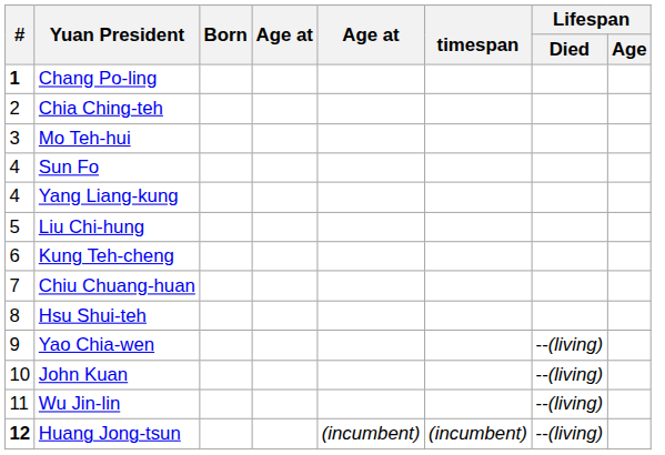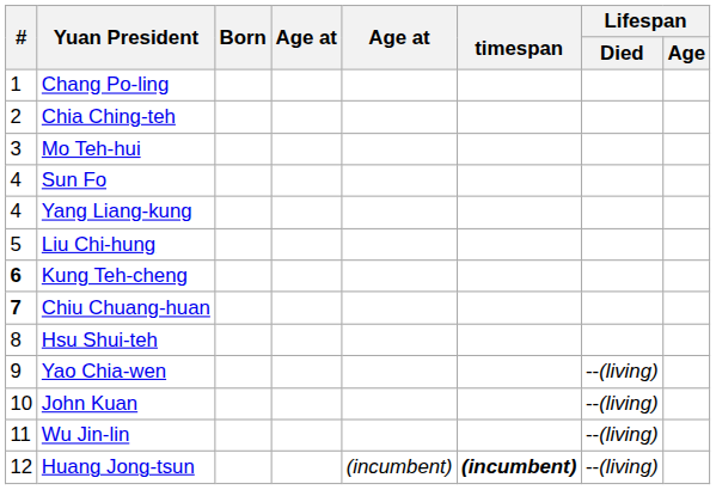 <table class="sortable wikitable">
 <tr>
 <th rowspan=2><abbr>#</abbr></th>
 <th rowspan=2>Yuan President</th>
 <th rowspan=2>Born</th>
 <th rowspan=2>Age at<br></th>
 <th rowspan=2>Age at<br></th>
 <th rowspan=2><br>timespan</th>
 <th colspan=2>Lifespan</th>
 </tr>
 <tr>
 <th>Died</th>
 <th>Age</th>
 </tr>
 <tr style="text-align: left; background:#FFFFFF">
-<td><strong>1</strong></td>
+<td>1</td>
 <td data-sort-value="Chang Po-ling"><a href='#'>Chang Po-ling</a></td>
 <td></td>
 <td><br></td>
 <td><br></td>
 <td></td>
 <td></td>
 <td></td>
 </tr>
 <tr style="text-align: left; background:#FFFFFF">
 <td>2</td>
 <td data-sort-value="Chia"><a href='#'>Chia Ching-teh</a></td>
 <td></td>
 <td><br></td>
 <td><br></td>
 <td></td>
 <td></td>
 <td></td>
 </tr>
 <tr style="text-align: left; background:#FFFFFF">
 <td>3</td>
 <td data-sort-value="Mo"><a href='#'>Mo Teh-hui</a></td>
 <td></td>
 <td><br></td>
 <td><br></td>
 <td></td>
 <td></td>
 <td></td>
 </tr>
 <tr style="text-align: left; background:#FFFFFF">
 <td>4</td>
 <td data-sort-value="Sun Fo"><a href='#'>Sun Fo</a></td>
 <td></td>
 <td><br></td>
 <td><br></td>
 <td></td>
 <td></td>
 <td></td>
 </tr>
 <tr style="text-align: left; background:#FFFFFF">
 <td>4</td>
 <td data-sort-value="Yang"><a href='#'>Yang Liang-kung</a></td>
 <td></td>
 <td><br></td>
 <td><br></td>
 <td></td>
 <td></td>
 <td></td>
 </tr>
 <tr style="text-align: left; background:#FFFFFF">
 <td>5</td>
 <td data-sort-value="Liu"><a href='#'>Liu Chi-hung</a></td>
 <td></td>
 <td><br></td>
 <td><br></td>
 <td></td>
 <td></td>
 <td></td>
 </tr>
 <tr style="text-align: left; background:#FFFFFF">
-<td>6</td>
+<td><strong>6</strong></td>
 <td data-sort-value="Kung"><a href='#'>Kung Teh-cheng</a></td>
 <td></td>
 <td><br></td>
 <td><br></td>
 <td></td>
 <td></td>
 <td></td>
 </tr>
 <tr style="text-align: left; background:#FFFFFF">
-<td>7</td>
+<td><strong>7</strong></td>
 <td data-sort-value="Chiu"><a href='#'>Chiu Chuang-huan</a></td>
 <td></td>
 <td><br></td>
 <td><br></td>
 <td></td>
 <td></td>
 <td></td>
 </tr>
 <tr style="text-align: left; background:#FFFFFF">
 <td>8</td>
 <td data-sort-value="Hsu"><a href='#'>Hsu Shui-teh</a></td>
 <td></td>
 <td><br></td>
 <td><br></td>
 <td></td>
 <td></td>
 <td></td>
 </tr>
 <tr style="text-align: left; background:#FFFFFF">
 <td>9</td>
 <td data-sort-value="Yao"><a href='#'>Yao Chia-wen</a></td>
 <td></td>
 <td><br></td>
 <td><br></td>
 <td><em></em></td>
 <td><span>--</span><em>(living)</em></td>
 <td><em></em></td>
 </tr>
 <tr style="text-align: left; background:#FFFFFF">
 <td>10</td>
 <td data-sort-value="Kuan"><a href='#'>John Kuan</a></td>
 <td></td>
 <td><br></td>
 <td><br></td>
 <td><em></em></td>
 <td><span>--</span><em>(living)</em></td>
 <td><em></em></td>
 </tr>
 <tr style="text-align: left; background:#FFFFFF">
 <td>11</td>
 <td data-sort-value="Wu"><a href='#'>Wu Jin-lin</a></td>
 <td></td>
 <td><br></td>
 <td><br></td>
 <td><em></em></td>
 <td><span>--</span><em>(living)</em></td>
 <td><em></em></td>
 </tr>
 <tr style="text-align: left; background:#FFFFFF">
-<td><strong>12</strong></td>
+<td>12</td>
 <td data-sort-value="Huang J"><a href='#'>Huang Jong-tsun</a></td>
 <td></td>
 <td><br></td>
 <td><span></span><em>(incumbent)</em></td>
-<td><em>(incumbent)</em></td>
+<td><strong><em>(incumbent)</em></strong></td>
 <td><span>--</span><em>(living)</em></td>
 <td><em></em></td>
 </tr>
 </table>
